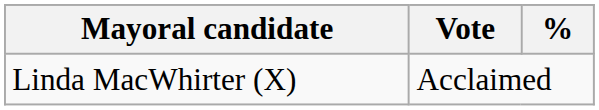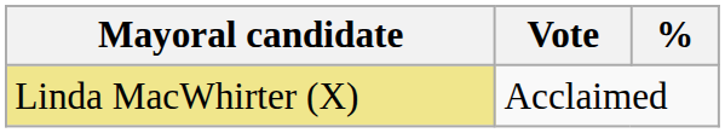 <table class="wikitable">
 <tr>
 <th bgcolor="#DDDDFF" width="200px">Mayoral candidate</th>
 <th bgcolor="#DDDDFF" width="50px">Vote</th>
 <th bgcolor="#DDDDFF" width="30px">%</th>
 </tr>
 <tr>
-<td>Linda MacWhirter (X)</td>
+<td style="background: khaki;">Linda MacWhirter (X)</td>
 <td colspan="2">Acclaimed</td>
 </tr>
 </table>
